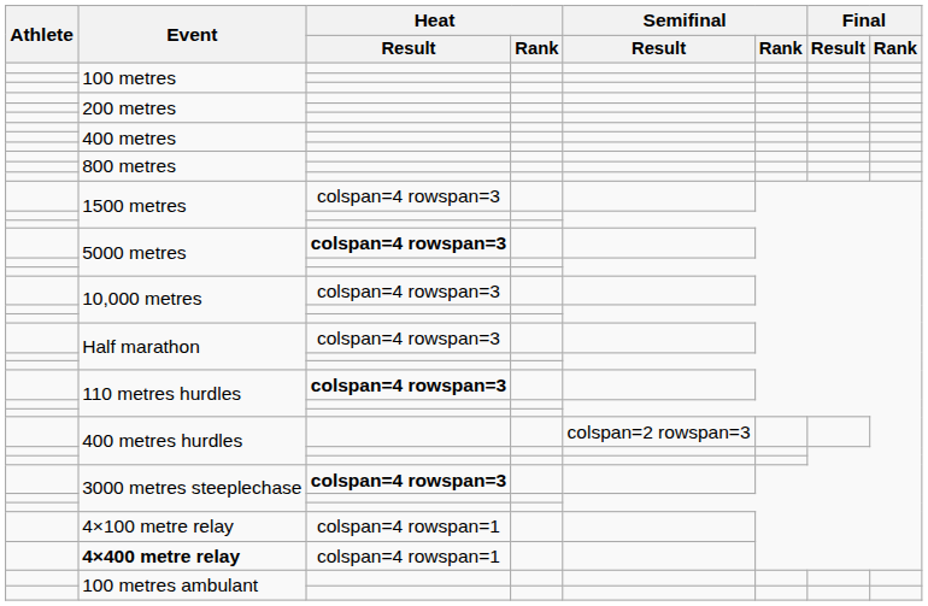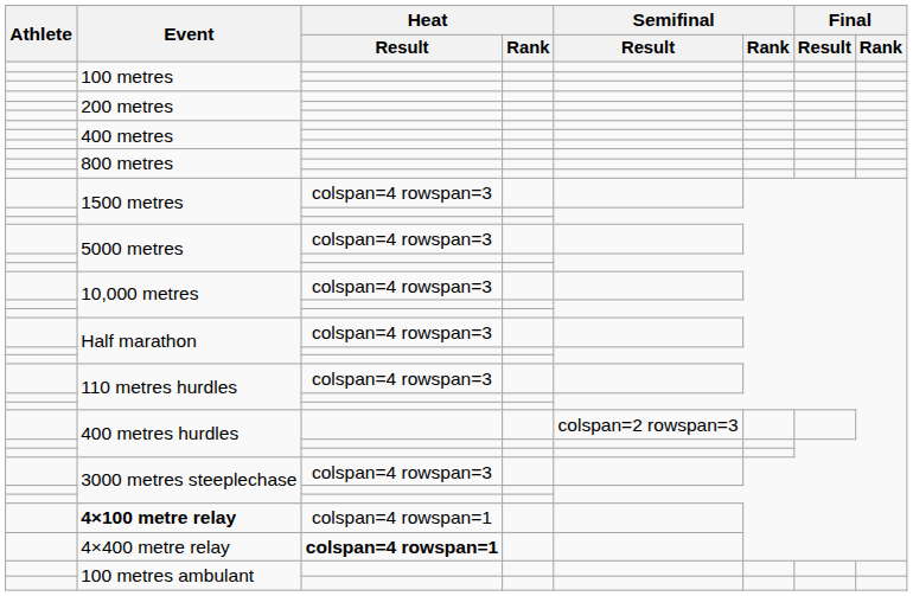 <table class="wikitable" style="font-size:90%">
 <tr>
 <th rowspan="2">Athlete</th>
 <th rowspan="2">Event</th>
 <th colspan="2">Heat</th>
 <th colspan="2">Semifinal</th>
 <th colspan="2">Final</th>
 </tr>
 <tr style="font-size:95%">
 <th>Result</th>
 <th>Rank</th>
 <th>Result</th>
 <th>Rank</th>
 <th>Result</th>
 <th>Rank</th>
 </tr>
 <tr style=text-align:center>
 <td style=text-align:left></td>
 <td style=text-align:left rowspan=3>100 metres</td>
 <td></td>
 <td></td>
 <td></td>
 <td></td>
 <td></td>
 <td></td>
 </tr>
 <tr style=text-align:center>
 <td style=text-align:left></td>
 <td></td>
 <td></td>
 <td></td>
 <td></td>
 <td></td>
 <td></td>
 </tr>
 <tr style=text-align:center>
 <td style=text-align:left></td>
 <td></td>
 <td></td>
 <td></td>
 <td></td>
 <td></td>
 <td></td>
 </tr>
 <tr style=text-align:center>
 <td style=text-align:left></td>
 <td style=text-align:left rowspan=3>200 metres</td>
 <td></td>
 <td></td>
 <td></td>
 <td></td>
 <td></td>
 <td></td>
 </tr>
 <tr style=text-align:center>
 <td style=text-align:left></td>
 <td></td>
 <td></td>
 <td></td>
 <td></td>
 <td></td>
 <td></td>
 </tr>
 <tr style=text-align:center>
 <td style=text-align:left></td>
 <td></td>
 <td></td>
 <td></td>
 <td></td>
 <td></td>
 <td></td>
 </tr>
 <tr style=text-align:center>
 <td style=text-align:left></td>
 <td style=text-align:left rowspan=3>400 metres</td>
 <td></td>
 <td></td>
 <td></td>
 <td></td>
 <td></td>
 <td></td>
 </tr>
 <tr style=text-align:center>
 <td style=text-align:left></td>
 <td></td>
 <td></td>
 <td></td>
 <td></td>
 <td></td>
 <td></td>
 </tr>
 <tr style=text-align:center>
 <td style=text-align:left></td>
 <td></td>
 <td></td>
 <td></td>
 <td></td>
 <td></td>
 <td></td>
 </tr>
 <tr style=text-align:center>
 <td style=text-align:left></td>
 <td style=text-align:left rowspan=3>800 metres</td>
 <td></td>
 <td></td>
 <td></td>
 <td></td>
 <td></td>
 <td></td>
 </tr>
 <tr style=text-align:center>
 <td style=text-align:left></td>
 <td></td>
 <td></td>
 <td></td>
 <td></td>
 <td></td>
 <td></td>
 </tr>
 <tr style=text-align:center>
 <td style=text-align:left></td>
 <td></td>
 <td></td>
 <td></td>
 <td></td>
 <td></td>
 <td></td>
 </tr>
 <tr style=text-align:center>
 <td style=text-align:left></td>
 <td style=text-align:left rowspan=3>1500 metres</td>
 <td>colspan=4 rowspan=3 </td>
 <td></td>
 <td></td>
 </tr>
 <tr style=text-align:center>
 <td style=text-align:left></td>
 <td></td>
 <td></td>
 </tr>
 <tr style=text-align:center>
 <td style=text-align:left></td>
 <td></td>
 <td></td>
 </tr>
 <tr style=text-align:center>
 <td style=text-align:left></td>
 <td style=text-align:left rowspan=3>5000 metres</td>
-<td><strong>colspan=4 rowspan=3 </strong></td>
+<td>colspan=4 rowspan=3 </td>
 <td></td>
 <td></td>
 </tr>
 <tr style=text-align:center>
 <td style=text-align:left></td>
 <td></td>
 <td></td>
 </tr>
 <tr style=text-align:center>
 <td style=text-align:left></td>
 <td></td>
 <td></td>
 </tr>
 <tr style=text-align:center>
 <td style=text-align:left></td>
 <td style=text-align:left rowspan=3>10,000 metres</td>
 <td>colspan=4 rowspan=3 </td>
 <td></td>
 <td></td>
 </tr>
 <tr style=text-align:center>
 <td style=text-align:left></td>
 <td></td>
 <td></td>
 </tr>
 <tr style=text-align:center>
 <td style=text-align:left></td>
 <td></td>
 <td></td>
 </tr>
 <tr style=text-align:center>
 <td style=text-align:left></td>
 <td style=text-align:left rowspan=3>Half marathon</td>
 <td>colspan=4 rowspan=3 </td>
 <td></td>
 <td></td>
 </tr>
 <tr style=text-align:center>
 <td style=text-align:left></td>
 <td></td>
 <td></td>
 </tr>
 <tr style=text-align:center>
 <td style=text-align:left></td>
 <td></td>
 <td></td>
 </tr>
 <tr style=text-align:center>
 <td style=text-align:left></td>
 <td style=text-align:left rowspan=3>110 metres hurdles</td>
-<td><strong>colspan=4 rowspan=3 </strong></td>
+<td>colspan=4 rowspan=3 </td>
 <td></td>
 <td></td>
 </tr>
 <tr style=text-align:center>
 <td style=text-align:left></td>
 <td></td>
 <td></td>
 </tr>
 <tr style=text-align:center>
 <td style=text-align:left></td>
 <td></td>
 <td></td>
 </tr>
 <tr style=text-align:center>
 <td style=text-align:left></td>
 <td style=text-align:left rowspan=3>400 metres hurdles</td>
 <td></td>
 <td></td>
 <td>colspan=2 rowspan=3 </td>
 <td></td>
 <td></td>
 </tr>
 <tr style=text-align:center>
 <td style=text-align:left></td>
 <td></td>
 <td></td>
 <td></td>
 <td></td>
 </tr>
 <tr style=text-align:center>
 <td style=text-align:left></td>
 <td></td>
 <td></td>
 <td></td>
 <td></td>
 </tr>
 <tr style=text-align:center>
 <td style=text-align:left></td>
 <td style=text-align:left rowspan=3>3000 metres steeplechase</td>
-<td><strong>colspan=4 rowspan=3 </strong></td>
+<td>colspan=4 rowspan=3 </td>
 <td></td>
 <td></td>
 </tr>
 <tr style=text-align:center>
 <td style=text-align:left></td>
 <td></td>
 <td></td>
 </tr>
 <tr style=text-align:center>
 <td style=text-align:left></td>
 <td></td>
 <td></td>
 </tr>
 <tr style=text-align:center>
 <td style=text-align:left></td>
-<td style=text-align:left rowspan=1>4×100 metre relay</td>
+<td style=text-align:left rowspan=1><strong>4×100 metre relay</strong></td>
 <td>colspan=4 rowspan=1 </td>
 <td></td>
 <td></td>
 </tr>
 <tr style=text-align:center>
 <td style=text-align:left></td>
-<td style=text-align:left rowspan=1><strong>4×400 metre relay</strong></td>
-<td>colspan=4 rowspan=1 </td>
+<td style=text-align:left rowspan=1>4×400 metre relay</td>
+<td><strong>colspan=4 rowspan=1 </strong></td>
 <td></td>
 <td></td>
 </tr>
 <tr style=text-align:center>
 <td style=text-align:left></td>
 <td style=text-align:left rowspan=2>100 metres ambulant</td>
 <td></td>
 <td></td>
 <td></td>
 <td></td>
 <td></td>
 <td></td>
 </tr>
 <tr style=text-align:center>
 <td style=text-align:left></td>
 <td></td>
 <td></td>
 <td></td>
 <td></td>
 <td></td>
 <td></td>
 </tr>
 </table>
